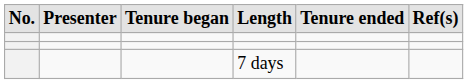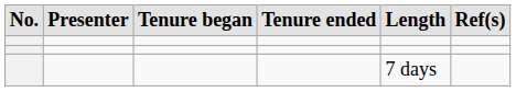 <table class="wikitable sortable" style="margin: 1em 1em 1em 0; background: #f9f9f9; border: 1px #aaa solid; border-collapse: collapse">
 <tr>
 <th style="background-color: #e3e3e3;" scope="col">No.</th>
 <th style="background-color: #e3e3e3;" scope="col">Presenter</th>
 <th style="background-color: #e3e3e3;" scope="col">Tenure began</th>
+<th style="background-color: #e3e3e3;" scope="col">Tenure ended</th>
 <th style="background-color: #e3e3e3;" scope="col">Length</th>
-<th style="background-color: #e3e3e3;" scope="col">Tenure ended</th>
 <th style="background-color: #e3e3e3;" class="unsortable" scope="col">Ref(s)</th>
 </tr>
 <tr>
 <th scope="row"></th>
 <td></td>
 <td></td>
 <td></td>
 <td></td>
 <td style="text-align:center"></td>
 </tr>
 <tr>
 <th scope="row"></th>
 <td></td>
 <td></td>
 <td></td>
 <td></td>
 <td style="text-align:center"></td>
 </tr>
 <tr>
 <th scope="row"></th>
 <td></td>
 <td></td>
+<td></td>
 <td>7 days</td>
-<td></td>
 <td style="text-align:center"></td>
 </tr>
 </table>
